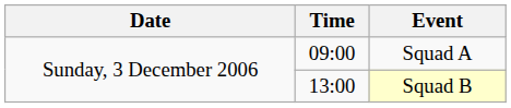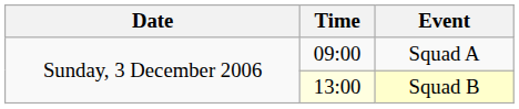 <table class = "wikitable" style="text-align:center;">
 <tr>
 <th width=220>Date</th>
 <th width=50>Time</th>
 <th width=100>Event</th>
 </tr>
 <tr>
 <td rowspan=2>Sunday, 3 December 2006</td>
 <td>09:00</td>
 <td>Squad A</td>
 </tr>
 <tr>
-<td>13:00</td>
+<td style="background: lightyellow;">13:00</td>
 <td bgcolor=ffffcc>Squad B</td>
 </tr>
 </table>
